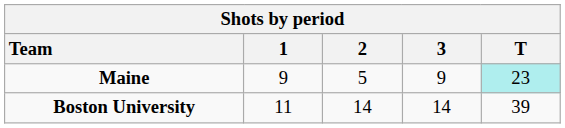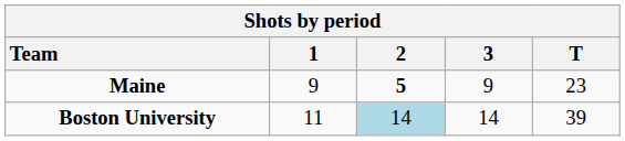 <table class="wikitable" style="width:30em; text-align:right;">
 <tr>
 <th colspan=6>Shots by period</th>
 </tr>
 <tr>
 <th style="width:10em; text-align:left;">Team</th>
 <th style="width:3em;">1</th>
 <th style="width:3em;">2</th>
 <th style="width:3em;">3</th>
 <th style="width:3em;">T</th>
 </tr>
 <tr>
 <td align=center><strong>Maine</strong></td>
 <td align=center>9</td>
-<td align=center>5</td>
+<td align=center><strong>5</strong></td>
 <td align=center>9</td>
-<td align=center style="background: paleturquoise;">23</td>
+<td align=center>23</td>
 </tr>
 <tr>
 <td align=center><strong>Boston University</strong></td>
 <td align=center>11</td>
-<td align=center>14</td>
+<td align=center style="background: lightblue;">14</td>
 <td align=center>14</td>
 <td align=center>39</td>
 </tr>
 </table>
